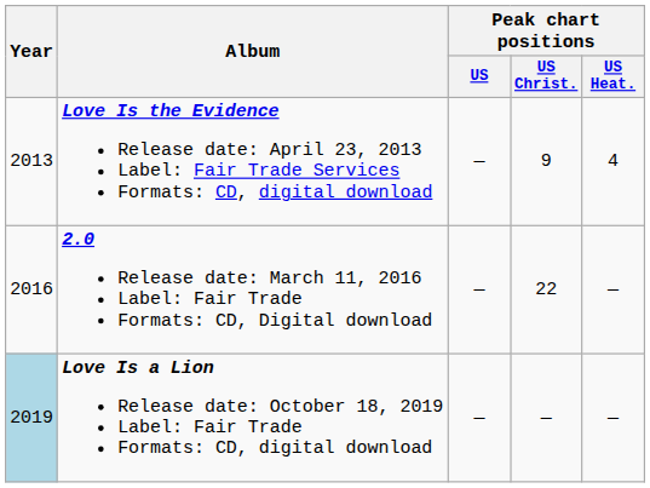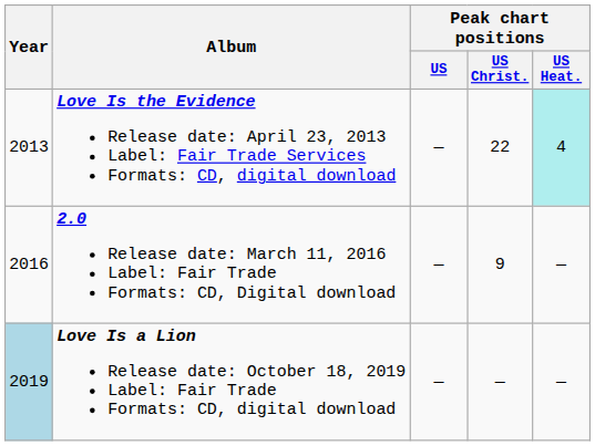 <table class="wikitable" style="text-align:center;">
 <tr>
 <th rowspan="2">Year</th>
 <th rowspan="2">Album</th>
 <th colspan="3">Peak chart positions</th>
 </tr>
 <tr style="font-size:smaller;">
 <th style="width:40px;"><a href='#'>US</a><br></th>
 <th style="width:40px;"><a href='#'>US<br>Christ.</a><br></th>
 <th style="width:40px;"><a href='#'>US<br>Heat.</a><br></th>
 </tr>
 <tr>
 <td>2013</td>
 <td style="text-align:left;"><strong><em><a href='#'>Love Is the Evidence</a></em></strong><br><ul><li>Release date: April 23, 2013</li><li>Label: <a href='#'>Fair Trade Services</a></li><li>Formats: <a href='#'>CD</a>, <a href='#'>digital download</a></li></ul></td>
 <td>—</td>
-<td>9</td>
-<td>4</td>
+<td>22</td>
+<td style="background: paleturquoise;">4</td>
 </tr>
 <tr>
 <td>2016</td>
 <td style="text-align:left;"><strong><em><a href='#'>2.0</a></em></strong><br><ul><li>Release date: March 11, 2016</li><li>Label: Fair Trade</li><li>Formats: CD, Digital download</li></ul></td>
 <td>—</td>
-<td>22</td>
+<td>9</td>
 <td>—</td>
 </tr>
 <tr>
 <td style="background: lightblue;">2019</td>
 <td style="text-align:left;"><strong><em>Love Is a Lion</em></strong><br><ul><li>Release date: October 18, 2019</li><li>Label: Fair Trade</li><li>Formats: CD, digital download</li></ul></td>
 <td>—</td>
 <td>—</td>
 <td>—</td>
 </tr>
 </table>
